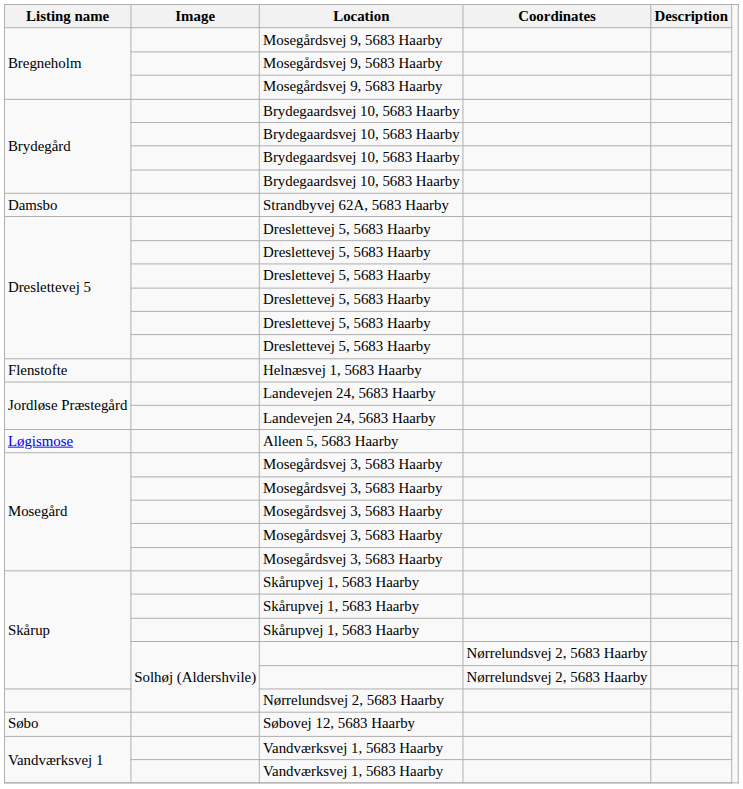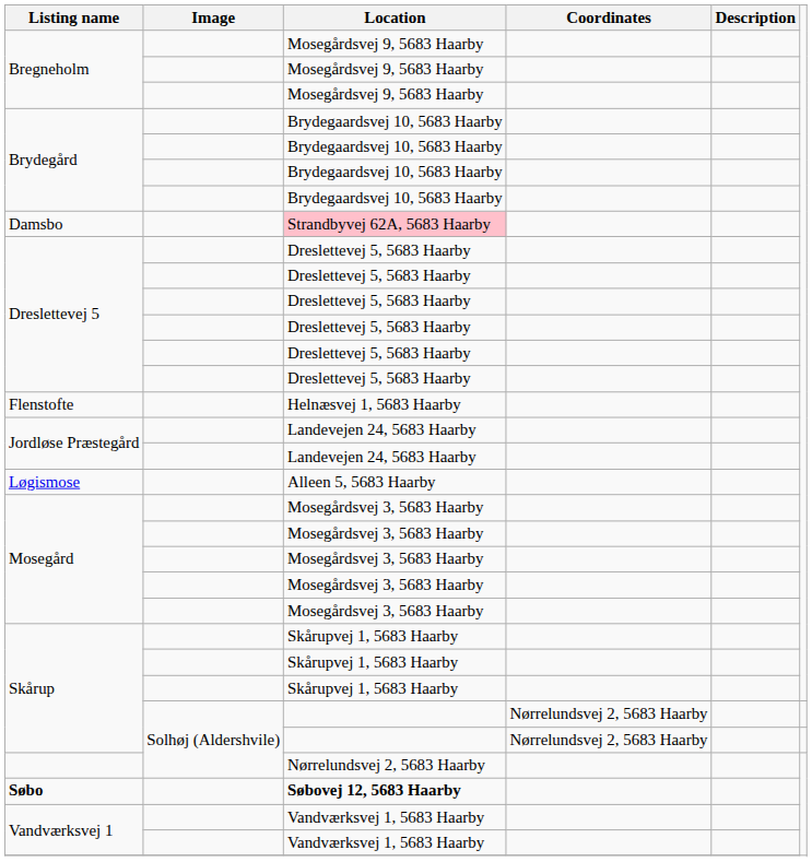 <table class="wikitable sortable">
 <tr>
 <th>Listing name</th>
 <th>Image</th>
 <th>Location</th>
 <th>Coordinates</th>
 <th>Description</th>
 </tr>
 <tr>
 <td rowspan="3">Bregneholm</td>
 <td></td>
 <td>Mosegårdsvej 9, 5683 Haarby</td>
 <td></td>
 <td></td>
 </tr>
 <tr>
 <td></td>
 <td>Mosegårdsvej 9, 5683 Haarby</td>
 <td></td>
 <td></td>
 </tr>
 <tr>
 <td></td>
 <td>Mosegårdsvej 9, 5683 Haarby</td>
 <td></td>
 <td></td>
 </tr>
 <tr>
 <td rowspan="4">Brydegård</td>
 <td></td>
 <td>Brydegaardsvej 10, 5683 Haarby</td>
 <td></td>
 <td></td>
 </tr>
 <tr>
 <td></td>
 <td>Brydegaardsvej 10, 5683 Haarby</td>
 <td></td>
 <td></td>
 </tr>
 <tr>
 <td></td>
 <td>Brydegaardsvej 10, 5683 Haarby</td>
 <td></td>
 <td></td>
 </tr>
 <tr>
 <td></td>
 <td>Brydegaardsvej 10, 5683 Haarby</td>
 <td></td>
 <td></td>
 </tr>
 <tr>
 <td>Damsbo</td>
 <td></td>
-<td>Strandbyvej 62A, 5683 Haarby</td>
+<td style="background: pink;">Strandbyvej 62A, 5683 Haarby</td>
 <td></td>
 <td></td>
 </tr>
 <tr>
 <td rowspan="6">Dreslettevej 5</td>
 <td></td>
 <td>Dreslettevej 5, 5683 Haarby</td>
 <td></td>
 <td></td>
 </tr>
 <tr>
 <td></td>
 <td>Dreslettevej 5, 5683 Haarby</td>
 <td></td>
 <td></td>
 </tr>
 <tr>
 <td></td>
 <td>Dreslettevej 5, 5683 Haarby</td>
 <td></td>
 <td></td>
 </tr>
 <tr>
 <td></td>
 <td>Dreslettevej 5, 5683 Haarby</td>
 <td></td>
 <td></td>
 </tr>
 <tr>
 <td></td>
 <td>Dreslettevej 5, 5683 Haarby</td>
 <td></td>
 <td></td>
 </tr>
 <tr>
 <td></td>
 <td>Dreslettevej 5, 5683 Haarby</td>
 <td></td>
 <td></td>
 </tr>
 <tr>
 <td>Flenstofte</td>
 <td></td>
 <td>Helnæsvej 1, 5683 Haarby</td>
 <td></td>
 <td></td>
 </tr>
 <tr>
 <td rowspan="2">Jordløse Præstegård</td>
 <td></td>
 <td>Landevejen 24, 5683 Haarby</td>
 <td></td>
 <td></td>
 </tr>
 <tr>
 <td></td>
 <td>Landevejen 24, 5683 Haarby</td>
 <td></td>
 <td></td>
 </tr>
 <tr>
 <td><a href='#'>Løgismose</a></td>
 <td></td>
 <td>Alleen 5, 5683 Haarby</td>
 <td></td>
 <td></td>
 </tr>
 <tr>
 <td rowspan="5">Mosegård</td>
 <td></td>
 <td>Mosegårdsvej 3, 5683 Haarby</td>
 <td></td>
 <td></td>
 </tr>
 <tr>
 <td></td>
 <td>Mosegårdsvej 3, 5683 Haarby</td>
 <td></td>
 <td></td>
 </tr>
 <tr>
 <td></td>
 <td>Mosegårdsvej 3, 5683 Haarby</td>
 <td></td>
 <td></td>
 </tr>
 <tr>
 <td></td>
 <td>Mosegårdsvej 3, 5683 Haarby</td>
 <td></td>
 <td></td>
 </tr>
 <tr>
 <td></td>
 <td>Mosegårdsvej 3, 5683 Haarby</td>
 <td></td>
 <td></td>
 </tr>
 <tr>
 <td rowspan="5">Skårup</td>
 <td></td>
 <td>Skårupvej 1, 5683 Haarby</td>
 <td></td>
 <td></td>
 </tr>
 <tr>
 <td></td>
 <td>Skårupvej 1, 5683 Haarby</td>
 <td></td>
 <td></td>
 </tr>
 <tr>
 <td></td>
 <td>Skårupvej 1, 5683 Haarby</td>
 <td></td>
 <td></td>
 </tr>
 <tr>
 <td rowspan="3">Solhøj (Aldershvile)</td>
 <td></td>
 <td>Nørrelundsvej 2, 5683 Haarby</td>
 <td></td>
 <td></td>
 </tr>
 <tr>
 <td></td>
 <td>Nørrelundsvej 2, 5683 Haarby</td>
 <td></td>
 <td></td>
 </tr>
 <tr>
 <td></td>
 <td>Nørrelundsvej 2, 5683 Haarby</td>
 <td></td>
 <td></td>
 </tr>
 <tr>
-<td>Søbo</td>
+<td><strong>Søbo</strong></td>
 <td></td>
-<td>Søbovej 12, 5683 Haarby</td>
+<td><strong>Søbovej 12, 5683 Haarby</strong></td>
 <td></td>
 <td></td>
 </tr>
 <tr>
 <td rowspan="2">Vandværksvej 1</td>
 <td></td>
 <td>Vandværksvej 1, 5683 Haarby</td>
 <td></td>
 <td></td>
 </tr>
 <tr>
 <td></td>
 <td>Vandværksvej 1, 5683 Haarby</td>
 <td></td>
 <td></td>
 </tr>
 <tr>
 </tr>
 </table>
